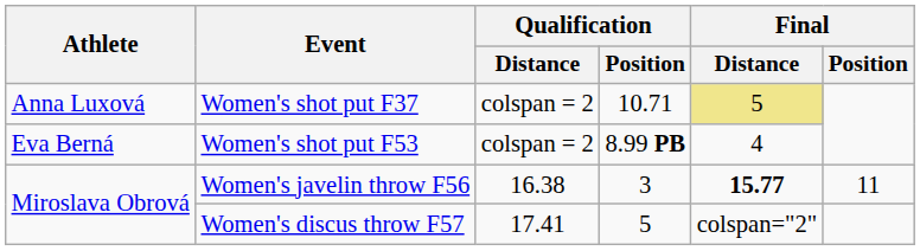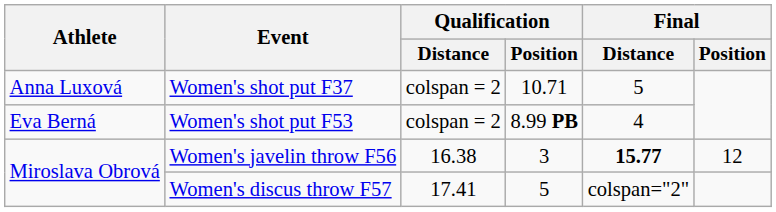 <table class=wikitable style="font-size:90%">
 <tr>
 <th rowspan="2">Athlete</th>
 <th rowspan="2">Event</th>
 <th colspan="2">Qualification</th>
 <th colspan="2">Final</th>
 </tr>
 <tr style="font-size:95%">
 <th>Distance</th>
 <th>Position</th>
 <th>Distance</th>
 <th>Position</th>
 </tr>
 <tr align=center>
 <td align=left><a href='#'>Anna Luxová</a></td>
 <td align=left><a href='#'>Women's shot put F37</a></td>
 <td>colspan = 2 </td>
 <td>10.71</td>
-<td style="background: khaki;">5</td>
+<td>5</td>
 </tr>
 <tr align=center>
 <td align=left><a href='#'>Eva Berná</a></td>
 <td align=left><a href='#'>Women's shot put F53</a></td>
 <td>colspan = 2 </td>
 <td>8.99 <strong>PB</strong></td>
 <td>4</td>
 </tr>
 <tr align=center>
 <td rowspan=2 align=left><a href='#'>Miroslava Obrová</a></td>
 <td align=left><a href='#'>Women's javelin throw F56</a></td>
 <td>16.38</td>
 <td>3</td>
 <td><strong>15.77</strong></td>
-<td>11</td>
+<td>12</td>
 </tr>
 <tr align=center>
 <td align=left><a href='#'>Women's discus throw F57</a></td>
 <td>17.41</td>
 <td>5</td>
 <td>colspan="2" </td>
 </tr>
 </table>
